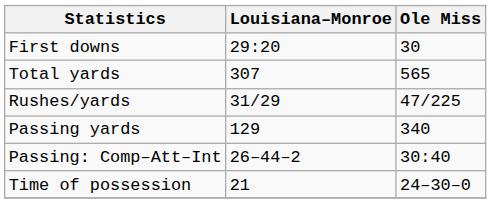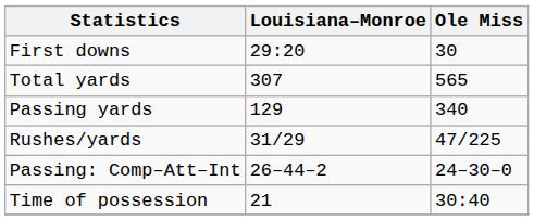 <table class="wikitable" style="float: left;">
 <tr>
 <th>Statistics</th>
 <th>Louisiana–Monroe</th>
 <th>Ole Miss</th>
 </tr>
 <tr>
 <td>First downs</td>
 <td>29:20</td>
 <td>30</td>
 </tr>
 <tr>
 <td>Total yards</td>
 <td>307</td>
 <td>565</td>
 </tr>
 <tr>
+<td>Passing yards</td>
+<td>129</td>
+<td>340</td>
+</tr>
+<tr>
 <td>Rushes/yards</td>
 <td>31/29</td>
 <td>47/225</td>
 </tr>
 <tr>
-<td>Passing yards</td>
-<td>129</td>
-<td>340</td>
-</tr>
-<tr>
 <td>Passing: Comp–Att–Int</td>
 <td>26–44–2</td>
-<td>30:40</td>
+<td>24–30–0</td>
 </tr>
 <tr>
 <td>Time of possession</td>
 <td>21</td>
-<td>24–30–0</td>
+<td>30:40</td>
 </tr>
 <tr>
 </tr>
 </table>
